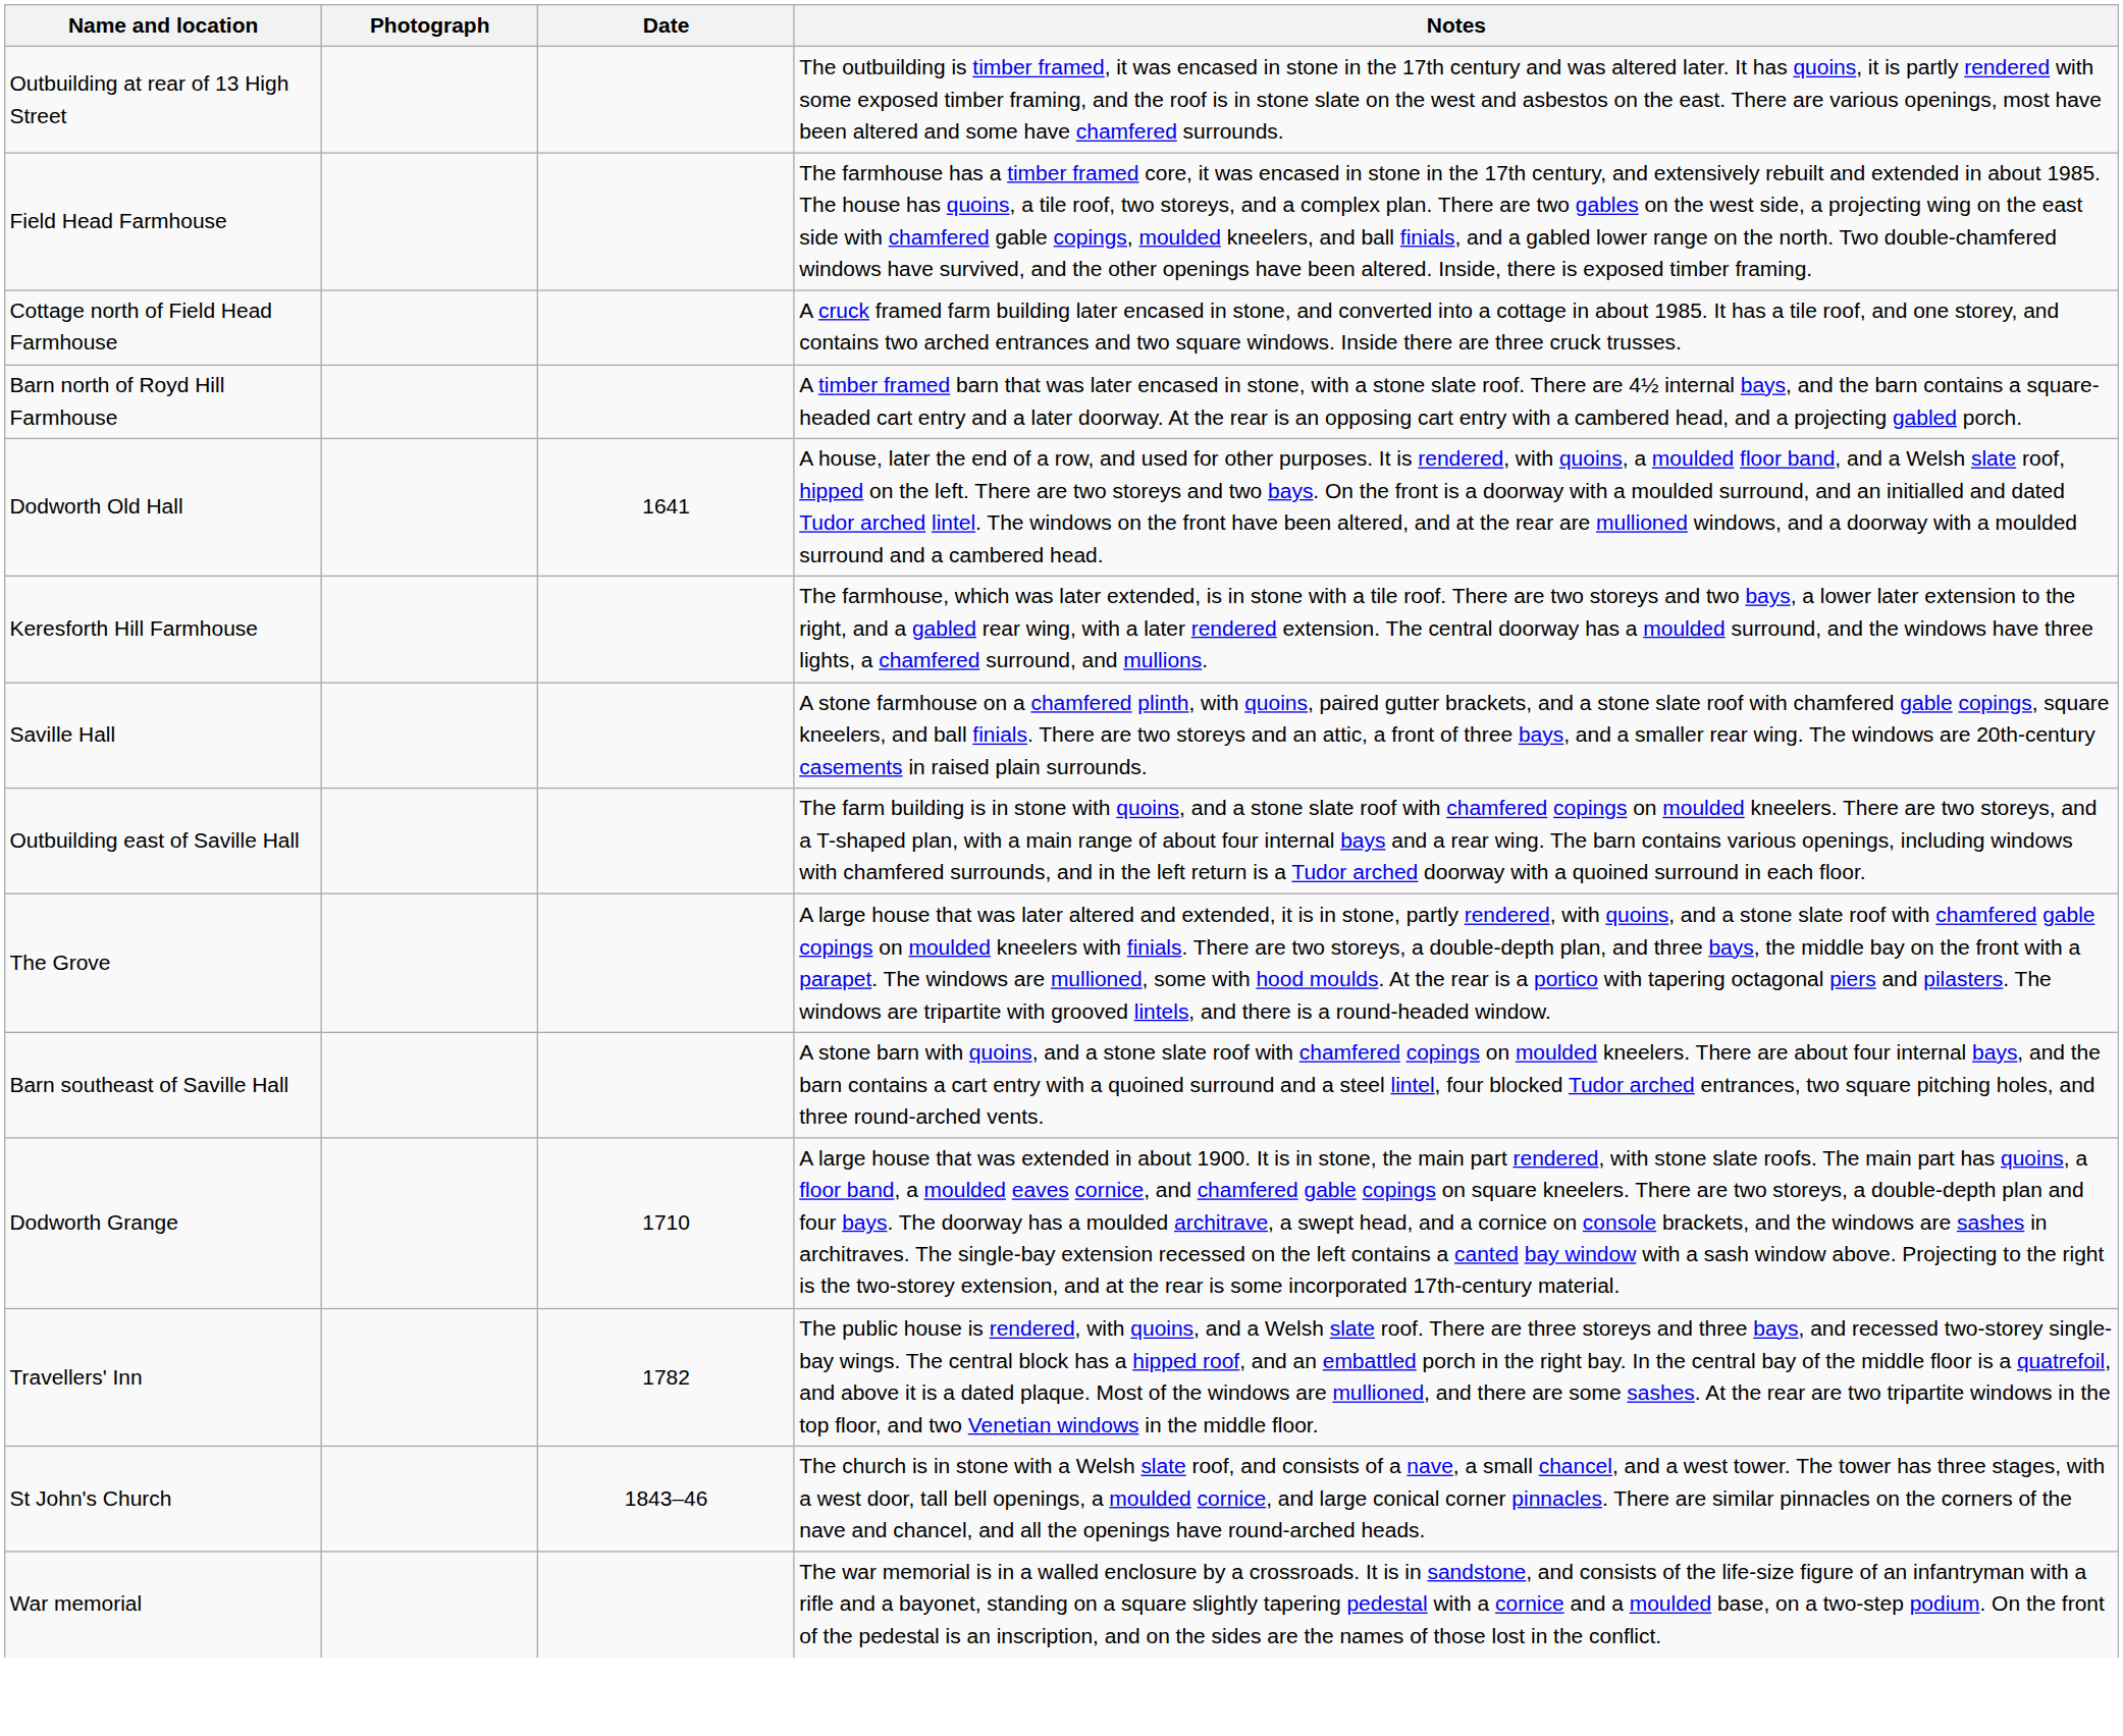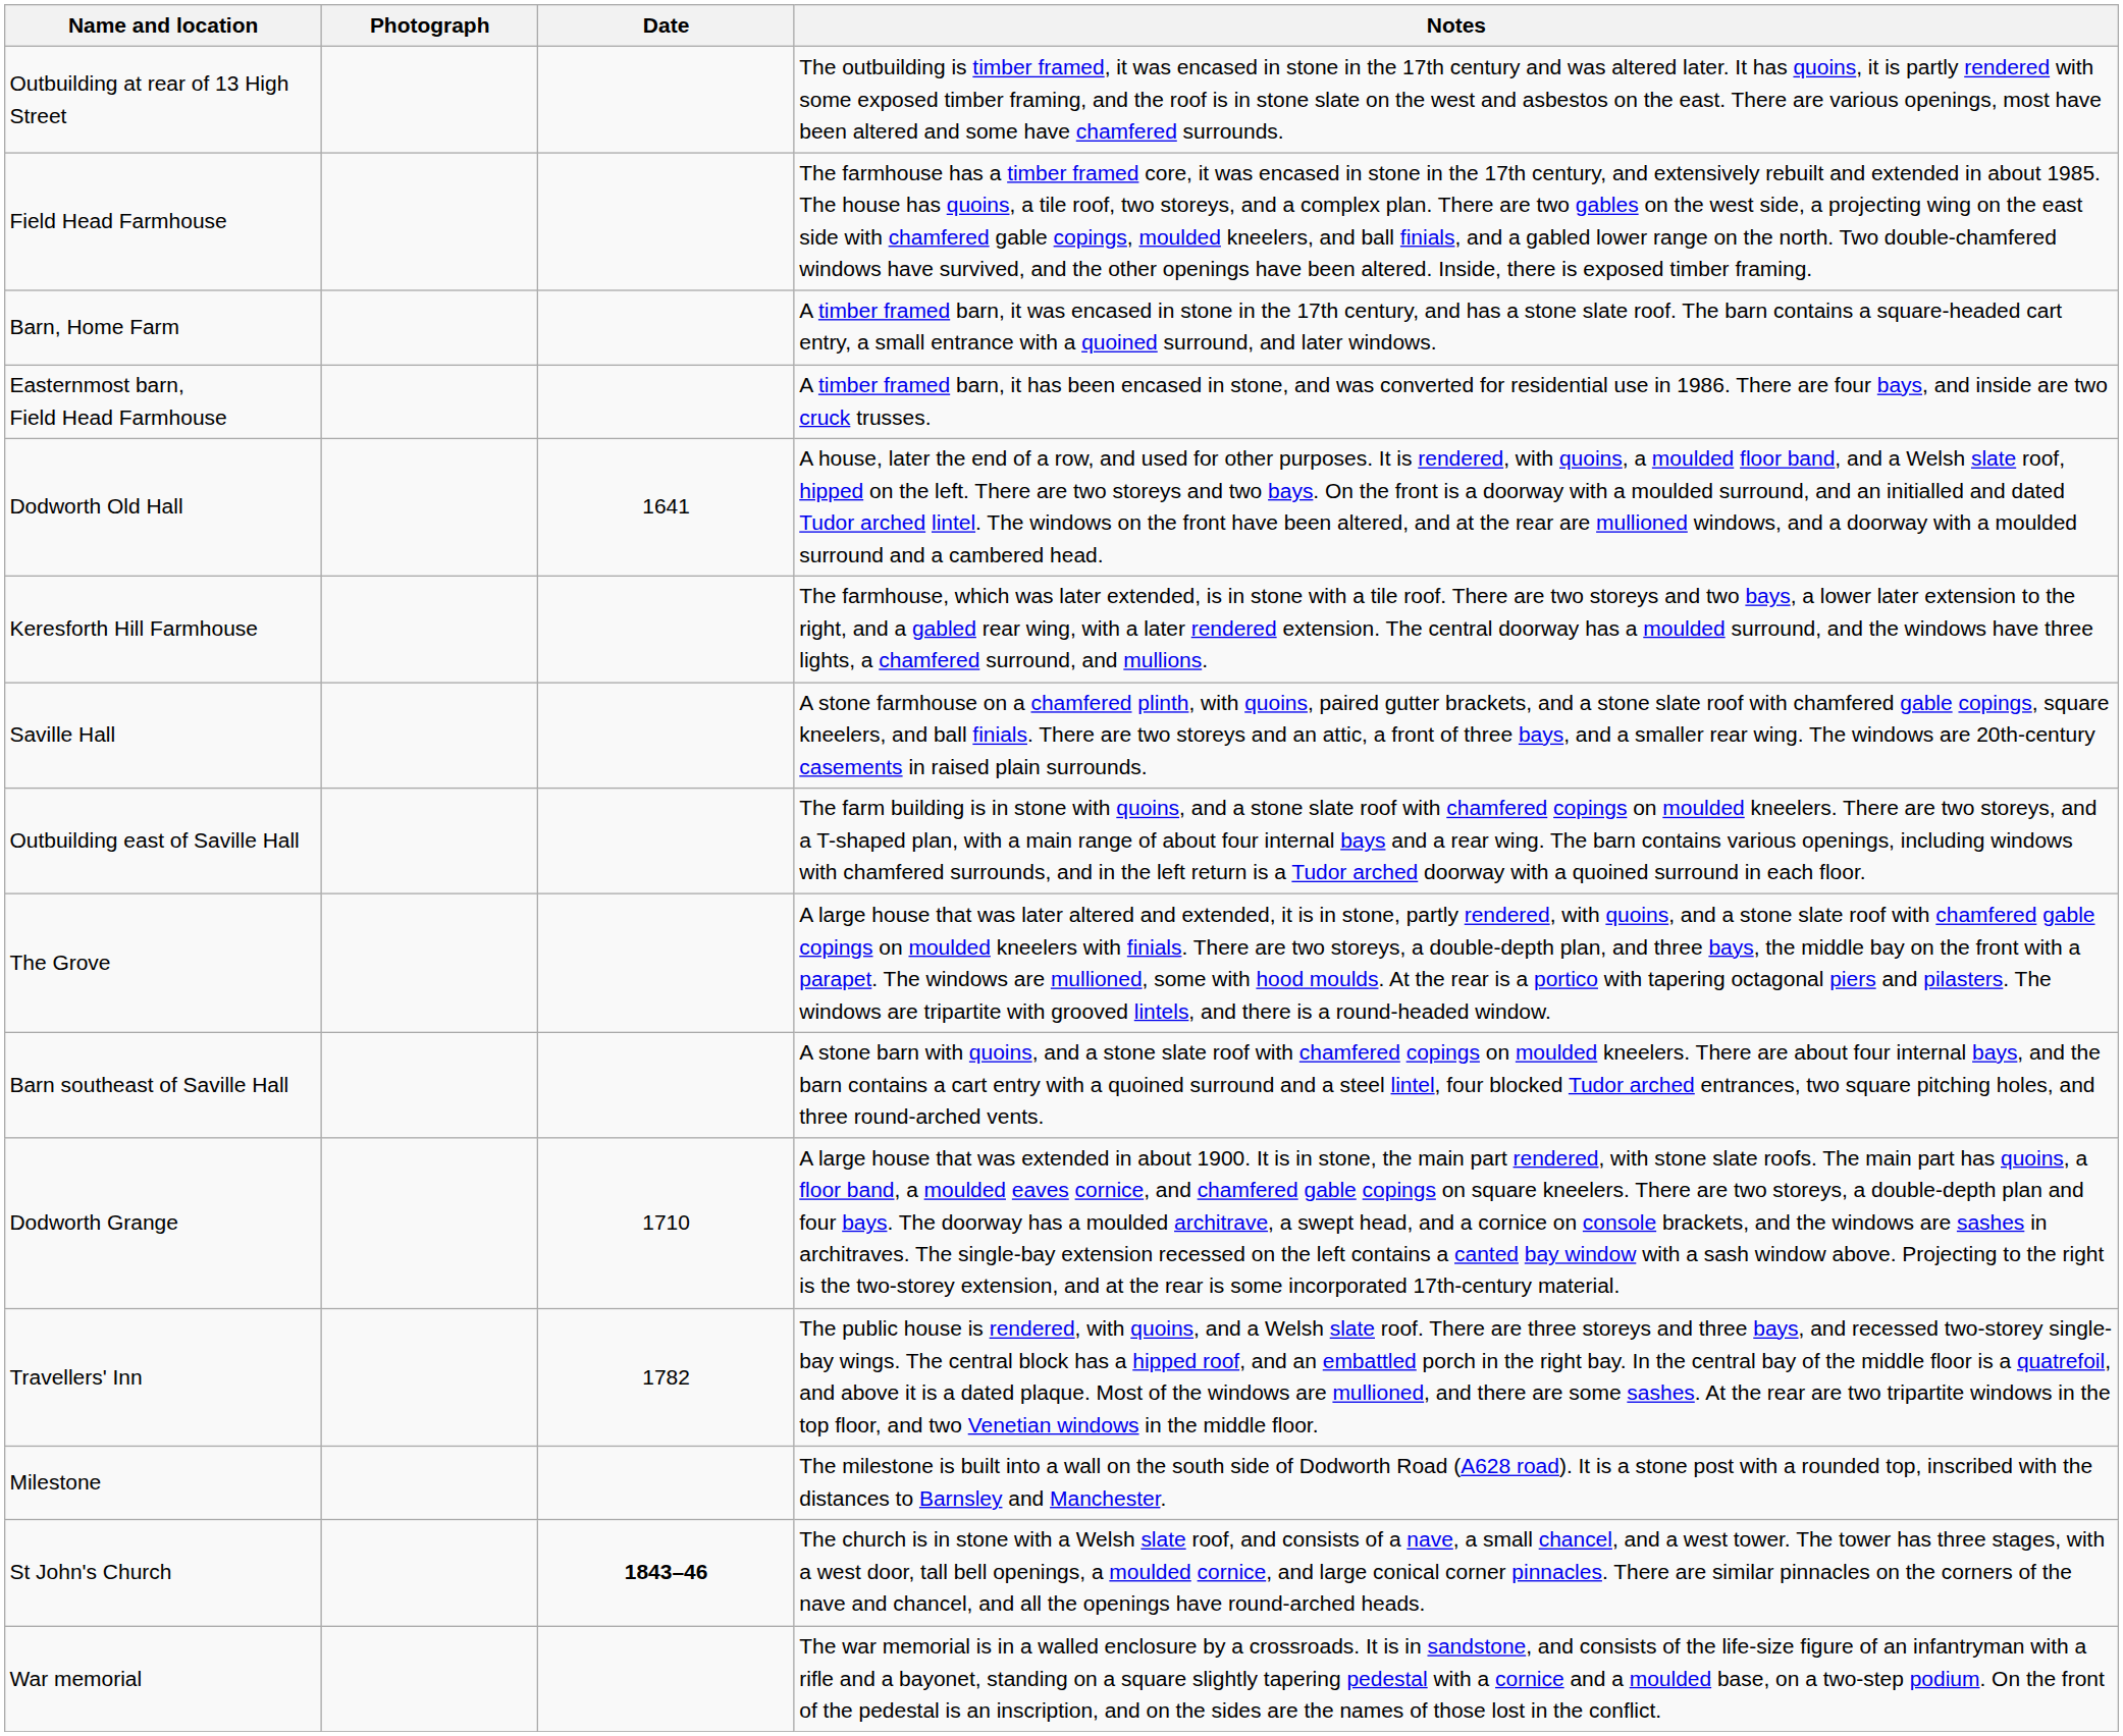 <table class="wikitable sortable plainrowheaders" style="width:100%;border:0px;text-align:left;line-height:150%;">
 <tr>
 <th scope="col"  style="width:150px">Name and location</th>
 <th scope="col"  style="width:100px" class="unsortable">Photograph</th>
 <th scope="col"  style="width:120px">Date</th>
 <th scope="col"  style="width:650px" class="unsortable">Notes</th>
 </tr>
 <tr>
 <td>Outbuilding at rear of 13 High Street<br><small></small></td>
 <td></td>
 <td align="center"></td>
 <td>The outbuilding is <a href='#'>timber framed</a>, it was encased in stone in the 17th century and was altered later.  It has <a href='#'>quoins</a>, it is partly <a href='#'>rendered</a> with some exposed timber framing, and the roof is in stone slate on the west and asbestos on the east.  There are various openings, most have been altered and some have <a href='#'>chamfered</a> surrounds.</td>
 </tr>
 <tr>
 <td>Field Head Farmhouse<br><small></small></td>
 <td></td>
 <td align="center"></td>
 <td>The farmhouse has a <a href='#'>timber framed</a> core, it was encased in stone in the 17th century, and extensively rebuilt and extended in about 1985.  The house has <a href='#'>quoins</a>, a tile roof, two storeys, and a complex plan.  There are two <a href='#'>gables</a> on the west side, a projecting wing on the east side with <a href='#'>chamfered</a> gable <a href='#'>copings</a>, <a href='#'>moulded</a> kneelers, and ball <a href='#'>finials</a>, and a gabled lower range on the north.  Two double-chamfered windows have survived, and the other openings have been altered.  Inside, there is exposed timber framing.</td>
 </tr>
 <tr>
-<td>Cottage north of Field Head Farmhouse<br><small></small></td>
+<td>Barn, Home Farm<br><small></small></td>
 <td></td>
 <td align="center"></td>
-<td>A <a href='#'>cruck</a> framed farm building later encased in stone, and converted into a cottage in about 1985.  It has a tile roof, and one storey, and contains two arched entrances and two square windows.  Inside there are three cruck trusses.</td>
+<td>A <a href='#'>timber framed</a> barn, it was encased in stone in the 17th century, and has a stone slate roof.  The barn contains a square-headed cart entry, a small entrance with a <a href='#'>quoined</a> surround, and later windows.</td>
 </tr>
 <tr>
-<td>Barn north of Royd Hill Farmhouse<br><small></small></td>
+<td>Easternmost barn,<br>Field Head Farmhouse<br><small></small></td>
 <td></td>
 <td align="center"></td>
-<td>A <a href='#'>timber framed</a> barn that was later encased in stone, with a stone slate roof.  There are 4½ internal <a href='#'>bays</a>, and the barn contains a square-headed cart entry and a later doorway.  At the rear is an opposing cart entry with a cambered head, and a projecting <a href='#'>gabled</a> porch.</td>
+<td>A <a href='#'>timber framed</a> barn, it has been encased in stone, and was converted for residential use in 1986.  There are four <a href='#'>bays</a>, and inside are two <a href='#'>cruck</a> trusses.</td>
 </tr>
 <tr>
 <td>Dodworth Old Hall<br><small></small></td>
 <td></td>
 <td align="center">1641</td>
 <td>A house, later the end of a row, and used for other purposes.  It is <a href='#'>rendered</a>, with <a href='#'>quoins</a>, a <a href='#'>moulded</a> <a href='#'>floor band</a>, and a Welsh <a href='#'>slate</a> roof, <a href='#'>hipped</a> on the left.  There are two storeys and two <a href='#'>bays</a>.  On the front is a doorway with a moulded surround, and an initialled and dated <a href='#'>Tudor arched</a> <a href='#'>lintel</a>.  The windows on the front have been altered, and at the rear are <a href='#'>mullioned</a> windows, and a doorway with a moulded surround and a cambered head.</td>
 </tr>
 <tr>
 <td>Keresforth Hill Farmhouse<br><small></small></td>
 <td></td>
 <td align="center"></td>
 <td>The farmhouse, which was later extended, is in stone with a tile roof.  There are two storeys and two <a href='#'>bays</a>, a lower later extension to the right, and a <a href='#'>gabled</a> rear wing, with a later <a href='#'>rendered</a> extension.  The central doorway has a <a href='#'>moulded</a> surround, and the windows have three lights, a <a href='#'>chamfered</a> surround, and <a href='#'>mullions</a>.</td>
 </tr>
 <tr>
 <td>Saville Hall<br><small></small></td>
 <td></td>
 <td align="center"></td>
 <td>A stone farmhouse on a <a href='#'>chamfered</a> <a href='#'>plinth</a>, with <a href='#'>quoins</a>, paired gutter brackets, and a stone slate roof with chamfered <a href='#'>gable</a> <a href='#'>copings</a>, square kneelers, and ball <a href='#'>finials</a>.  There are two storeys and an attic, a front of three <a href='#'>bays</a>, and a smaller rear wing.  The windows are 20th-century <a href='#'>casements</a> in raised plain surrounds.</td>
 </tr>
 <tr>
 <td>Outbuilding east of Saville Hall<br><small></small></td>
 <td></td>
 <td align="center"></td>
 <td>The farm building is in stone with <a href='#'>quoins</a>, and a stone slate roof with <a href='#'>chamfered</a> <a href='#'>copings</a> on <a href='#'>moulded</a> kneelers.  There are two storeys, and a T-shaped plan, with a main range of about four internal <a href='#'>bays</a> and a rear wing.  The barn contains various openings, including windows with chamfered surrounds, and in the left return is a <a href='#'>Tudor arched</a> doorway with a quoined surround in each floor.</td>
 </tr>
 <tr>
 <td>The Grove<br><small></small></td>
 <td></td>
 <td align="center"></td>
 <td>A large house that was later altered and extended, it is in stone, partly <a href='#'>rendered</a>, with <a href='#'>quoins</a>, and a stone slate roof with <a href='#'>chamfered</a> <a href='#'>gable</a> <a href='#'>copings</a> on <a href='#'>moulded</a> kneelers with <a href='#'>finials</a>.  There are two storeys, a double-depth plan, and three <a href='#'>bays</a>, the middle bay on the front with a <a href='#'>parapet</a>.  The windows are <a href='#'>mullioned</a>, some with <a href='#'>hood moulds</a>.  At the rear is a <a href='#'>portico</a> with tapering octagonal <a href='#'>piers</a> and <a href='#'>pilasters</a>.  The windows are tripartite with grooved <a href='#'>lintels</a>, and there is a round-headed window.</td>
 </tr>
 <tr>
 <td>Barn southeast of Saville Hall<br><small></small></td>
 <td></td>
 <td align="center"></td>
 <td>A stone barn with <a href='#'>quoins</a>, and a stone slate roof with <a href='#'>chamfered</a> <a href='#'>copings</a> on <a href='#'>moulded</a> kneelers.  There are about four internal <a href='#'>bays</a>, and the barn contains a cart entry with a quoined surround and a steel <a href='#'>lintel</a>, four blocked <a href='#'>Tudor arched</a> entrances, two square pitching holes, and three round-arched vents.</td>
 </tr>
 <tr>
 <td>Dodworth Grange<br><small></small></td>
 <td></td>
 <td align="center">1710</td>
 <td>A large house that was extended in about 1900.  It is in stone, the main part <a href='#'>rendered</a>, with stone slate roofs.  The main part has <a href='#'>quoins</a>, a <a href='#'>floor band</a>, a <a href='#'>moulded</a> <a href='#'>eaves</a> <a href='#'>cornice</a>, and <a href='#'>chamfered</a> <a href='#'>gable</a> <a href='#'>copings</a> on square kneelers.  There are two storeys, a double-depth plan and four <a href='#'>bays</a>.  The doorway has a moulded <a href='#'>architrave</a>, a swept head, and a cornice on <a href='#'>console</a> brackets, and the windows are <a href='#'>sashes</a> in architraves.  The single-bay extension recessed on the left contains a <a href='#'>canted</a> <a href='#'>bay window</a> with a sash window above.  Projecting to the right is the two-storey extension, and at the rear is some incorporated 17th-century material.</td>
 </tr>
 <tr>
 <td>Travellers' Inn<br><small></small></td>
 <td></td>
 <td align="center">1782</td>
 <td>The public house is <a href='#'>rendered</a>, with <a href='#'>quoins</a>, and a Welsh <a href='#'>slate</a> roof.  There are three storeys and three <a href='#'>bays</a>, and recessed two-storey single-bay wings.  The central block has a <a href='#'>hipped roof</a>, and an <a href='#'>embattled</a> porch in the right bay.  In the central bay of the middle floor is a <a href='#'>quatrefoil</a>, and above it is a dated plaque.  Most of the windows are <a href='#'>mullioned</a>, and there are some <a href='#'>sashes</a>.  At the rear are two tripartite windows in the top floor, and two <a href='#'>Venetian windows</a> in the middle floor.</td>
 </tr>
 <tr>
+<td>Milestone<br><small></small></td>
+<td></td>
+<td align="center"></td>
+<td>The milestone is built into a wall on the south side of Dodworth Road (<a href='#'>A628 road</a>).  It is a stone post with a rounded top, inscribed with the distances to <a href='#'>Barnsley</a> and <a href='#'>Manchester</a>.</td>
+</tr>
+<tr>
 <td>St John's Church<br><small></small></td>
 <td></td>
-<td align="center">1843–46</td>
+<td align="center"><strong>1843–46</strong></td>
 <td>The church is in stone with a Welsh <a href='#'>slate</a> roof, and consists of a <a href='#'>nave</a>, a small <a href='#'>chancel</a>, and a west tower.  The tower has three stages, with a west door, tall bell openings, a <a href='#'>moulded</a> <a href='#'>cornice</a>, and large conical corner <a href='#'>pinnacles</a>.  There are similar pinnacles on the corners of the nave and chancel, and all the openings have round-arched heads.</td>
 </tr>
 <tr>
 <td>War memorial<br><small></small></td>
 <td></td>
 <td align="center"></td>
 <td>The war memorial is in a walled enclosure by a crossroads.  It is in <a href='#'>sandstone</a>, and consists of the life-size figure of an infantryman with a rifle and a bayonet, standing on a square slightly tapering <a href='#'>pedestal</a> with a <a href='#'>cornice</a> and a <a href='#'>moulded</a> base, on a two-step <a href='#'>podium</a>.  On the front of the pedestal is an inscription, and on the sides are the names of those lost in the conflict.</td>
 </tr>
 <tr>
 </tr>
 </table>
